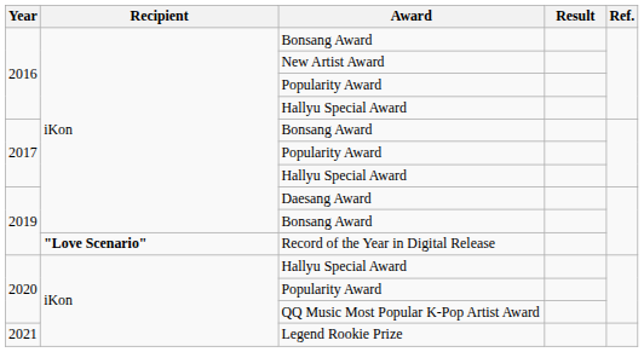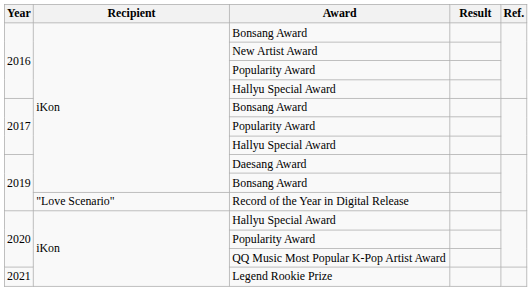 <table class="wikitable" style="width:80%;">
 <tr>
 <th width=5%>Year</th>
 <th style="width:40%;">Recipient</th>
 <th style="width:45%;">Award</th>
 <th style="width:10%;">Result</th>
 <th style="width:5%;">Ref.</th>
 </tr>
 <tr>
 <td rowspan="4">2016</td>
 <td rowspan="9">iKon</td>
 <td>Bonsang Award</td>
 <td></td>
 <td rowspan="4"></td>
 </tr>
 <tr>
 <td>New Artist Award</td>
 <td></td>
 </tr>
 <tr>
 <td>Popularity Award</td>
 <td></td>
 </tr>
 <tr>
 <td>Hallyu Special Award</td>
 <td></td>
 </tr>
 <tr>
 <td rowspan="3">2017</td>
 <td>Bonsang Award</td>
 <td></td>
 <td rowspan="3"></td>
 </tr>
 <tr>
 <td>Popularity Award</td>
 <td></td>
 </tr>
 <tr>
 <td>Hallyu Special Award</td>
 <td></td>
 </tr>
 <tr>
 <td rowspan="3">2019</td>
 <td>Daesang Award</td>
 <td></td>
 <td rowspan="3"></td>
 </tr>
 <tr>
 <td>Bonsang Award</td>
 <td></td>
 </tr>
 <tr>
-<td><strong>"Love Scenario"</strong></td>
+<td>"Love Scenario"</td>
 <td>Record of the Year in Digital Release</td>
 <td></td>
 </tr>
 <tr>
 <td rowspan = "3">2020</td>
 <td rowspan="4">iKon</td>
 <td>Hallyu Special Award</td>
 <td></td>
 <td rowspan="3"></td>
 </tr>
 <tr>
 <td>Popularity Award</td>
 <td></td>
 </tr>
 <tr>
 <td>QQ Music Most Popular K-Pop Artist Award</td>
 <td></td>
 </tr>
 <tr>
 <td>2021</td>
 <td>Legend Rookie Prize</td>
 <td></td>
 <td></td>
 </tr>
 </table>
